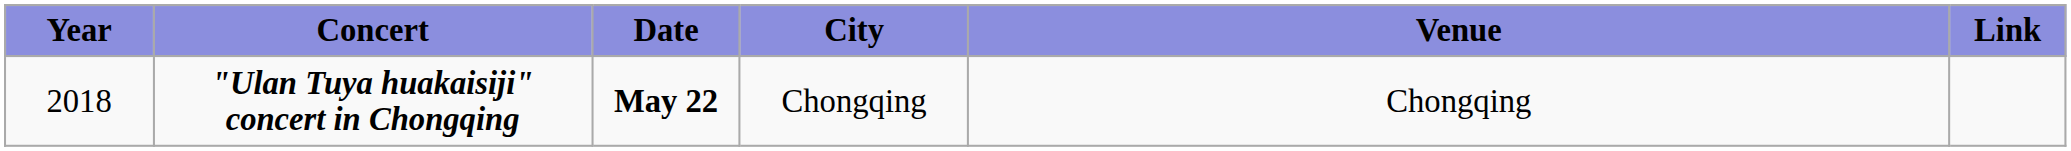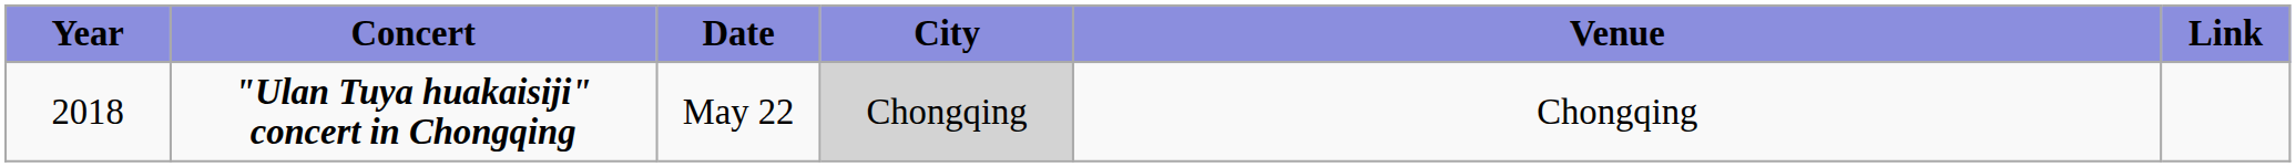 <table class="wikitable sortable mw-collapsible" width="80%" style="text-align:center">
 <tr align="center" style="background:#8B8EDE">
 <td style="width:2%"><strong>Year</strong></td>
 <td style="width:8%"><strong>Concert</strong></td>
 <td style="width:2%"><strong>Date</strong></td>
 <td style="width:2%"><strong>City</strong></td>
 <td style="width:18%"><strong>Venue</strong></td>
 <td style="width:1%"><strong>Link</strong></td>
 </tr>
 <tr>
 <td rowspan="2">2018</td>
 <td rowspan="2"><strong><em>"Ulan Tuya huakaisiji" concert in Chongqing</em></strong></td>
-<td><strong>May 22</strong></td>
-<td>Chongqing</td>
+<td>May 22</td>
+<td style="background: lightgrey;">Chongqing</td>
 <td>Chongqing</td>
 <td></td>
 </tr>
 </table>
